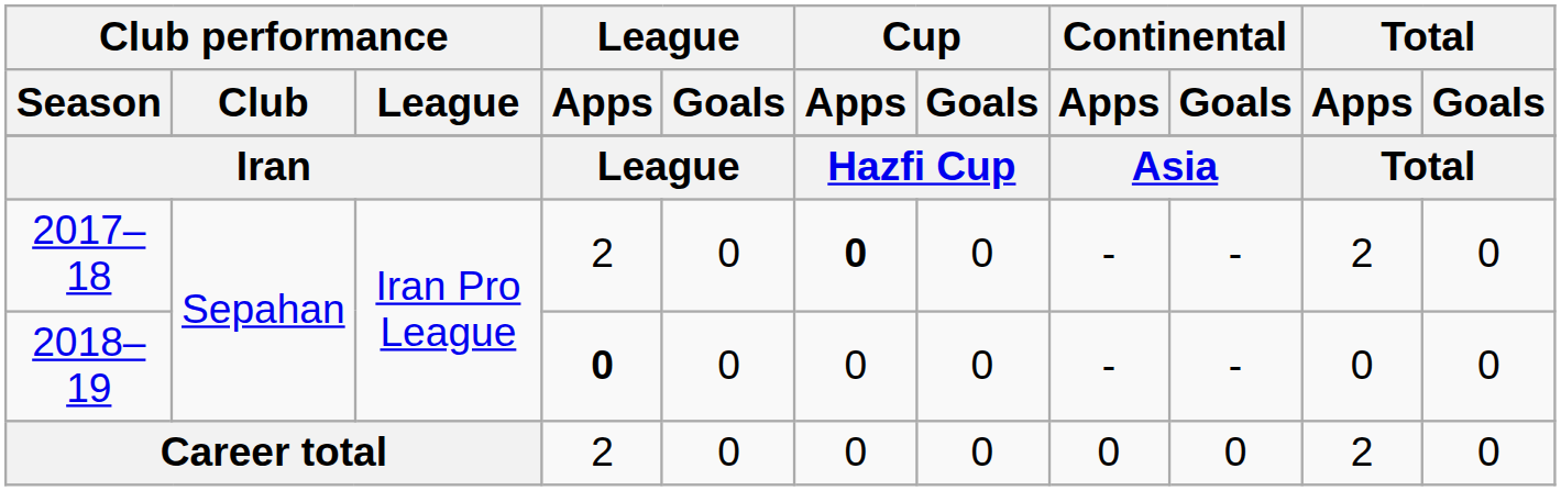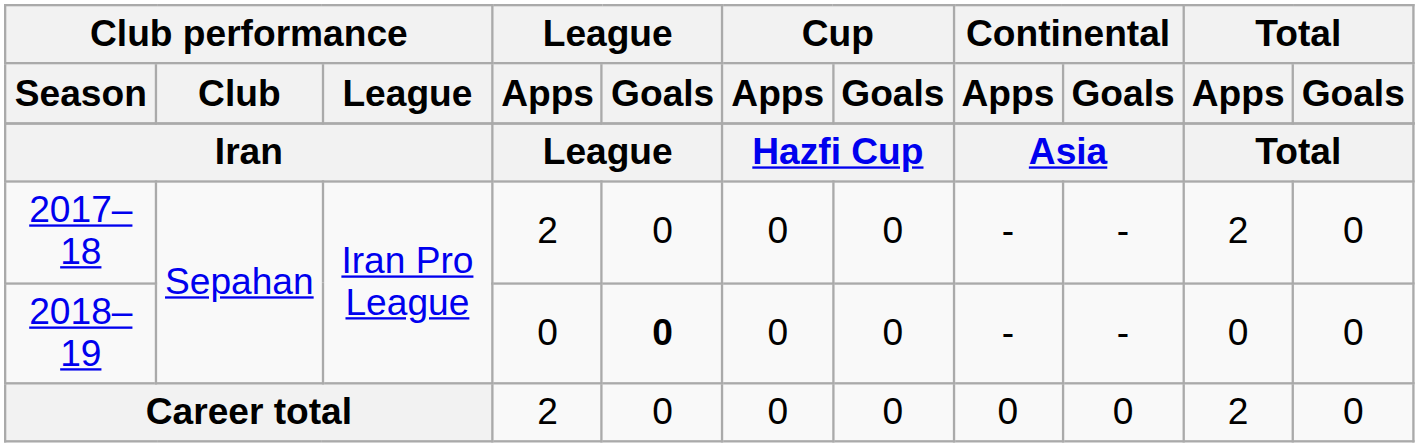 <table class="wikitable" style="text-align:center">
 <tr>
 <th colspan=3>Club performance</th>
 <th colspan=2>League</th>
 <th colspan=2>Cup</th>
 <th colspan=2>Continental</th>
 <th colspan=2>Total</th>
 </tr>
 <tr>
 <th>Season</th>
 <th>Club</th>
 <th>League</th>
 <th>Apps</th>
 <th>Goals</th>
 <th>Apps</th>
 <th>Goals</th>
 <th>Apps</th>
 <th>Goals</th>
 <th>Apps</th>
 <th>Goals</th>
 </tr>
 <tr>
 </tr>
 <tr>
 <th colspan=3>Iran</th>
 <th colspan=2>League</th>
 <th colspan=2><a href='#'>Hazfi Cup</a></th>
 <th colspan=2><a href='#'>Asia</a></th>
 <th colspan=2>Total</th>
 </tr>
 <tr>
 <td><a href='#'>2017–18</a></td>
 <td rowspan="2"><a href='#'>Sepahan</a></td>
 <td rowspan="2"><a href='#'>Iran Pro League</a></td>
 <td>2</td>
 <td>0</td>
-<td><strong>0</strong></td>
+<td>0</td>
 <td>0</td>
 <td>-</td>
 <td>-</td>
 <td>2</td>
 <td>0</td>
 </tr>
 <tr>
 <td><a href='#'>2018–19</a></td>
+<td>0</td>
 <td><strong>0</strong></td>
-<td>0</td>
 <td>0</td>
 <td>0</td>
 <td>-</td>
 <td>-</td>
 <td>0</td>
 <td>0</td>
 </tr>
 <tr>
 <th colspan=3>Career total</th>
 <td>2</td>
 <td>0</td>
 <td>0</td>
 <td>0</td>
 <td>0</td>
 <td>0</td>
 <td>2</td>
 <td>0</td>
 </tr>
 </table>
